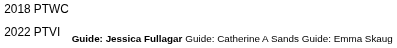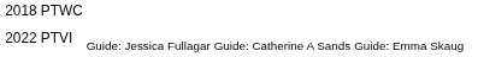 <table>
 <tr>
 <td>2018 PTWC </td>
 <td></td>
 <td></td>
 <td></td>
 </tr>
 <tr>
 <td>2022 PTVI </td>
-<td><strong> <br><small> Guide: Jessica Fullagar</small></strong></td>
+<td> <br><small> Guide: Jessica Fullagar</small></td>
 <td>  <br><small> Guide: Catherine A Sands</small></td>
 <td>  <br><small> Guide: Emma Skaug</small></td>
 </tr>
 </table>
